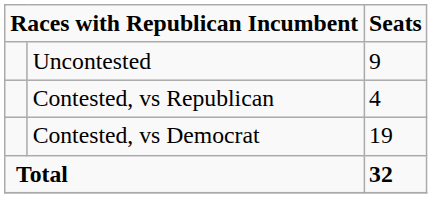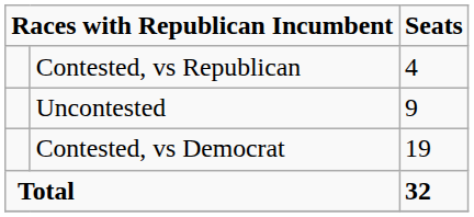 <table class="wikitable">
 <tr>
 <td colspan="2" rowspan="1" align="center"><strong>Races with Republican Incumbent</strong></td>
 <td style="vertical-align:top;"><strong>Seats</strong><br></td>
 </tr>
 <tr>
 <td style="background-color:"> </td>
-<td>Uncontested</td>
-<td>9</td>
+<td>Contested, vs Republican</td>
+<td>4</td>
 </tr>
 <tr>
 <td style="background-color:"> </td>
-<td>Contested, vs Republican</td>
-<td>4</td>
+<td>Uncontested</td>
+<td>9</td>
 </tr>
 <tr>
 <td style="background-color:"> </td>
 <td>Contested, vs Democrat</td>
 <td>19</td>
 </tr>
 <tr>
 <td colspan="2" rowspan="1"> <strong>Total</strong><br></td>
 <td><strong>32</strong></td>
 </tr>
 <tr>
 </tr>
 </table>
